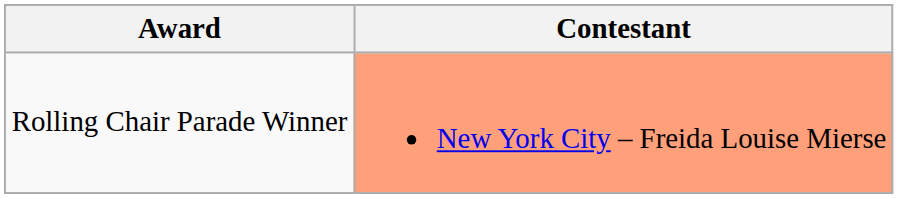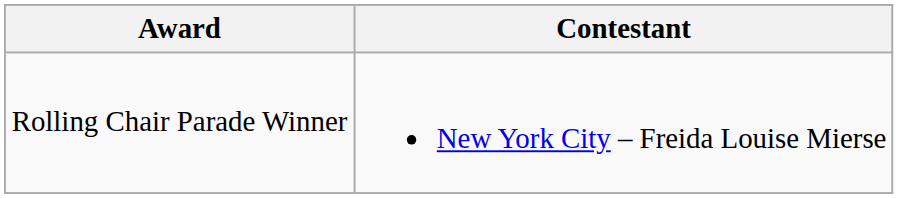 <table class="wikitable sortable" style="font-size: 95%;">
 <tr>
 <th>Award</th>
 <th>Contestant</th>
 </tr>
 <tr>
 <td>Rolling Chair Parade Winner</td>
-<td style="background: lightsalmon;"><br><ul><li><a href='#'>New York City</a> – Freida Louise Mierse</li></ul></td>
+<td><br><ul><li><a href='#'>New York City</a> – Freida Louise Mierse</li></ul></td>
 </tr>
 </table>
